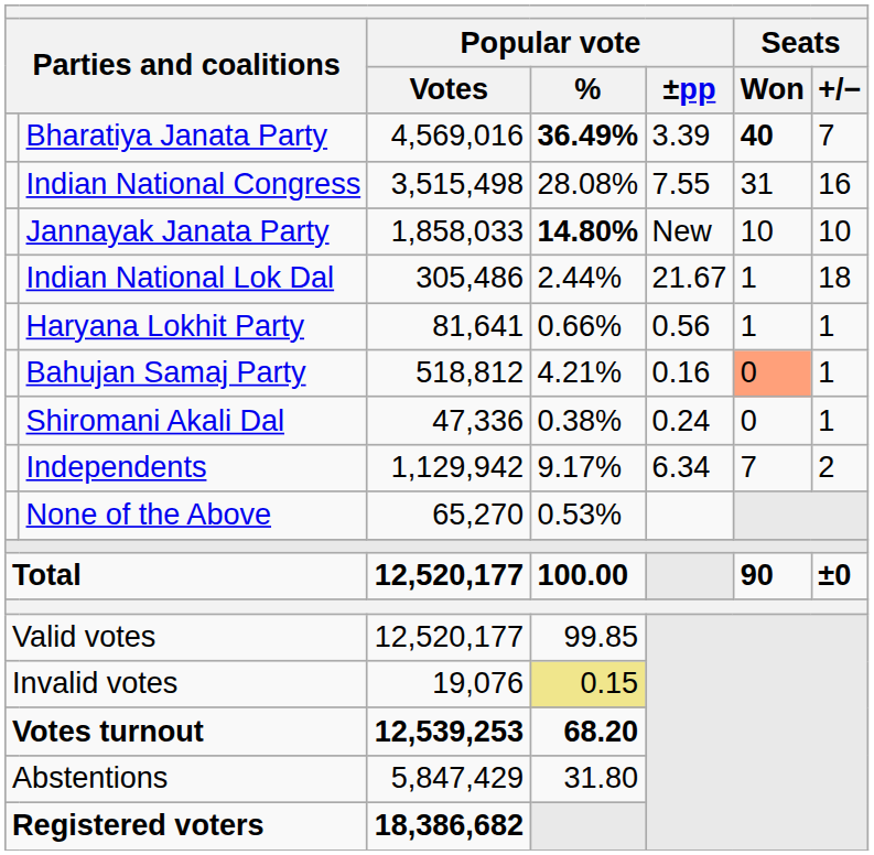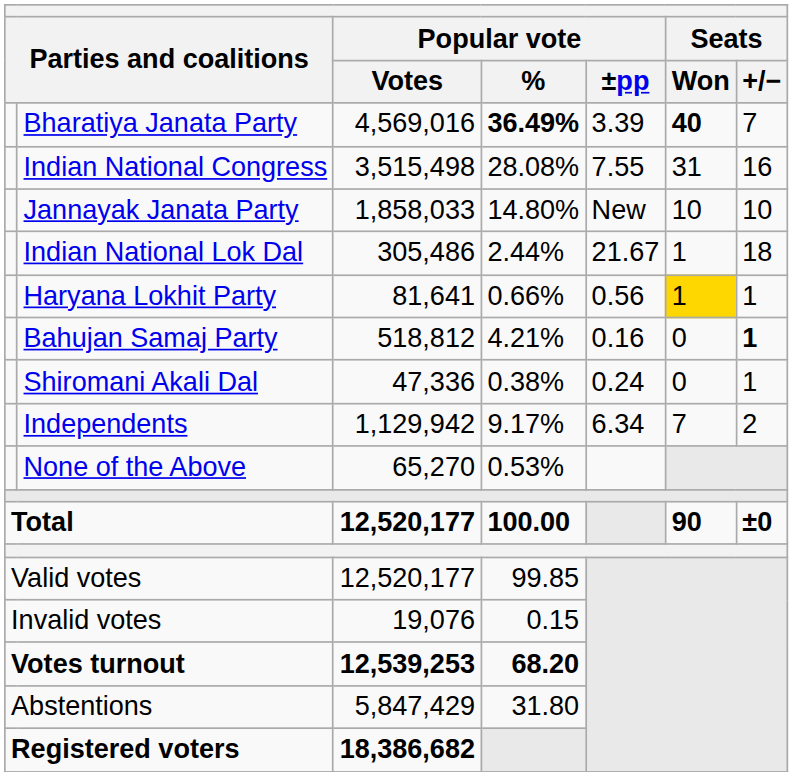 <table class="wikitable sortable">
 <tr>
 <th colspan=10></th>
 </tr>
 <tr>
 <th colspan="2" rowspan="2">Parties and coalitions</th>
 <th colspan="3">Popular vote</th>
 <th colspan="2">Seats</th>
 </tr>
 <tr>
 <th>Votes</th>
 <th>%</th>
 <th>±<a href='#'>pp</a></th>
 <th>Won</th>
 <th><strong>+/−</strong></th>
 </tr>
 <tr>
 <td></td>
 <td><a href='#'>Bharatiya Janata Party</a></td>
 <td align="right">4,569,016</td>
 <td><strong>36.49%</strong></td>
 <td>3.39</td>
 <td><strong>40</strong></td>
 <td>7</td>
 </tr>
 <tr>
 <td></td>
 <td><a href='#'>Indian National Congress</a></td>
 <td align="right">3,515,498</td>
 <td>28.08%</td>
 <td>7.55</td>
 <td>31</td>
 <td>16</td>
 </tr>
 <tr>
 <td></td>
 <td><a href='#'>Jannayak Janata Party</a></td>
 <td align="right">1,858,033</td>
-<td><strong>14.80%</strong></td>
+<td>14.80%</td>
 <td>New</td>
 <td>10</td>
 <td>10</td>
 </tr>
 <tr>
 <td></td>
 <td><a href='#'>Indian National Lok Dal</a></td>
 <td align="right">305,486</td>
 <td>2.44%</td>
 <td>21.67</td>
 <td>1</td>
 <td>18</td>
 </tr>
 <tr>
 <td></td>
 <td><a href='#'>Haryana Lokhit Party</a></td>
 <td align="right">81,641</td>
 <td>0.66%</td>
 <td>0.56</td>
-<td>1</td>
+<td style="background: gold;">1</td>
 <td>1</td>
 </tr>
 <tr>
 <td></td>
 <td><a href='#'>Bahujan Samaj Party</a></td>
 <td align="right">518,812</td>
 <td>4.21%</td>
 <td>0.16</td>
-<td style="background: lightsalmon;">0</td>
-<td>1</td>
+<td>0</td>
+<td><strong>1</strong></td>
 </tr>
 <tr>
 <td></td>
 <td><a href='#'>Shiromani Akali Dal</a></td>
 <td align="right">47,336</td>
 <td>0.38%</td>
 <td>0.24</td>
 <td>0</td>
 <td>1</td>
 </tr>
 <tr>
 <td></td>
 <td><a href='#'>Independents</a></td>
 <td align="right">1,129,942</td>
 <td>9.17%</td>
 <td>6.34</td>
 <td>7</td>
 <td>2</td>
 </tr>
 <tr>
 <td></td>
 <td><a href='#'>None of the Above</a></td>
 <td align="right">65,270</td>
 <td>0.53%</td>
 <td></td>
 <td colspan="2" bgcolor="#E9E9E9"></td>
 </tr>
 <tr>
 <td colspan="7" bgcolor="#E9E9E9"></td>
 </tr>
 <tr style="font-weight:bold;">
 <td align="left" colspan="2">Total</td>
 <td align="right">12,520,177</td>
 <td>100.00</td>
 <td bgcolor="#E9E9E9"></td>
 <td>90</td>
 <td>±0</td>
 </tr>
 <tr>
 <th colspan="9"></th>
 </tr>
 <tr>
 <td style="text-align:left;" colspan="2">Valid votes</td>
 <td align="right">12,520,177</td>
 <td align="right">99.85</td>
 <td colspan="4" rowspan="5" style="background-color:#E9E9E9"></td>
 </tr>
 <tr>
 <td style="text-align:left;" colspan="2">Invalid votes</td>
 <td align="right">19,076</td>
-<td align="right" style="background: khaki;">0.15</td>
+<td align="right">0.15</td>
 </tr>
 <tr>
 <td style="text-align:left;" colspan="2"><strong>Votes turnout</strong></td>
 <td align="right"><strong>12,539,253</strong></td>
 <td align="right"><strong>68.20</strong></td>
 </tr>
 <tr>
 <td style="text-align:left;" colspan="2">Abstentions</td>
 <td align="right">5,847,429</td>
 <td align="right">31.80</td>
 </tr>
 <tr>
 <td style="text-align:left;" colspan="2"><strong>Registered voters</strong></td>
 <td align="right"><strong>18,386,682</strong></td>
 <td colspan="1" style="background-color:#E9E9E9"></td>
 </tr>
 <tr>
 </tr>
 </table>
